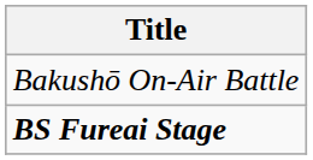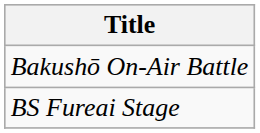 <table class="wikitable">
 <tr>
 <th>Title</th>
 </tr>
 <tr>
 <td><em>Bakushō On-Air Battle</em></td>
 </tr>
 <tr>
-<td><strong><em>BS Fureai Stage</em></strong></td>
+<td><em>BS Fureai Stage</em></td>
 </tr>
 </table>
